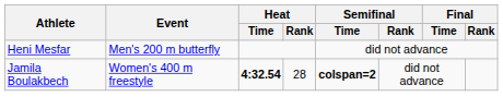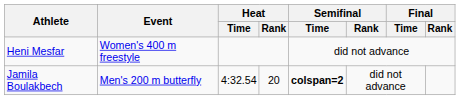 <table class=wikitable style="font-size:90%">
 <tr>
 <th rowspan="2">Athlete</th>
 <th rowspan="2">Event</th>
 <th colspan="2">Heat</th>
 <th colspan="2">Semifinal</th>
 <th colspan="2">Final</th>
 </tr>
 <tr style="font-size:95%">
 <th>Time</th>
 <th>Rank</th>
 <th>Time</th>
 <th>Rank</th>
 <th>Time</th>
 <th>Rank</th>
 </tr>
 <tr align=center>
 <td align=left><a href='#'>Heni Mesfar</a></td>
-<td align=left><a href='#'>Men's 200 m butterfly</a></td>
+<td align=left><a href='#'>Women's 400 m freestyle</a></td>
 <td colspan=2></td>
 <td colspan=4>did not advance</td>
 </tr>
 <tr align=center>
 <td align=left><a href='#'>Jamila Boulakbech</a></td>
-<td align=left><a href='#'>Women's 400 m freestyle</a></td>
-<td><strong>4:32.54</strong></td>
-<td>28</td>
+<td align=left><a href='#'>Men's 200 m butterfly</a></td>
+<td>4:32.54</td>
+<td>20</td>
 <td><strong>colspan=2</strong></td>
 <td colspan=2>did not advance</td>
 </tr>
 </table>
